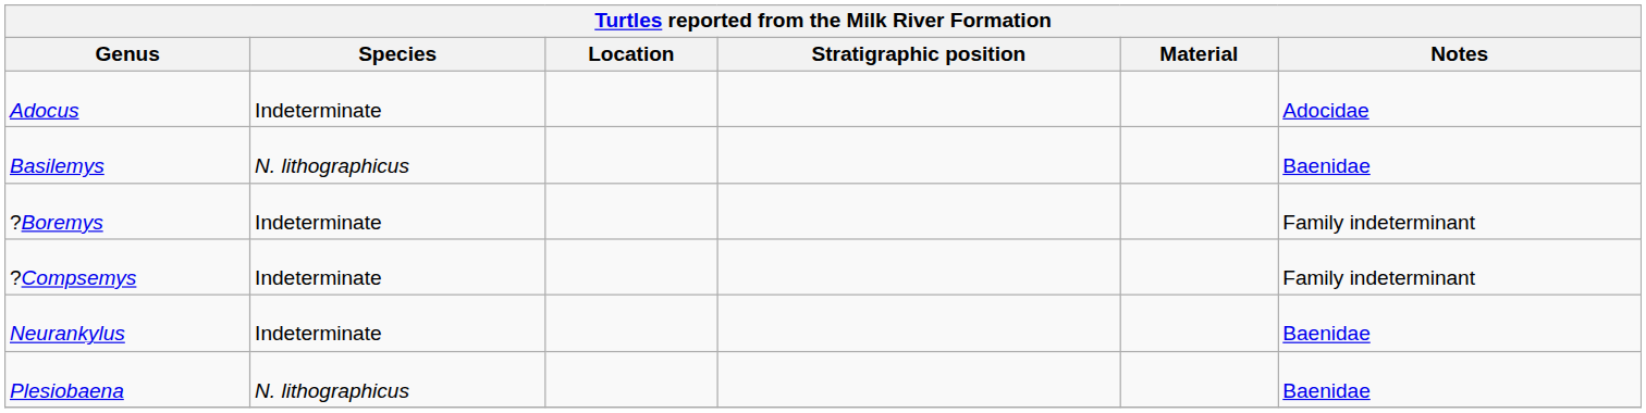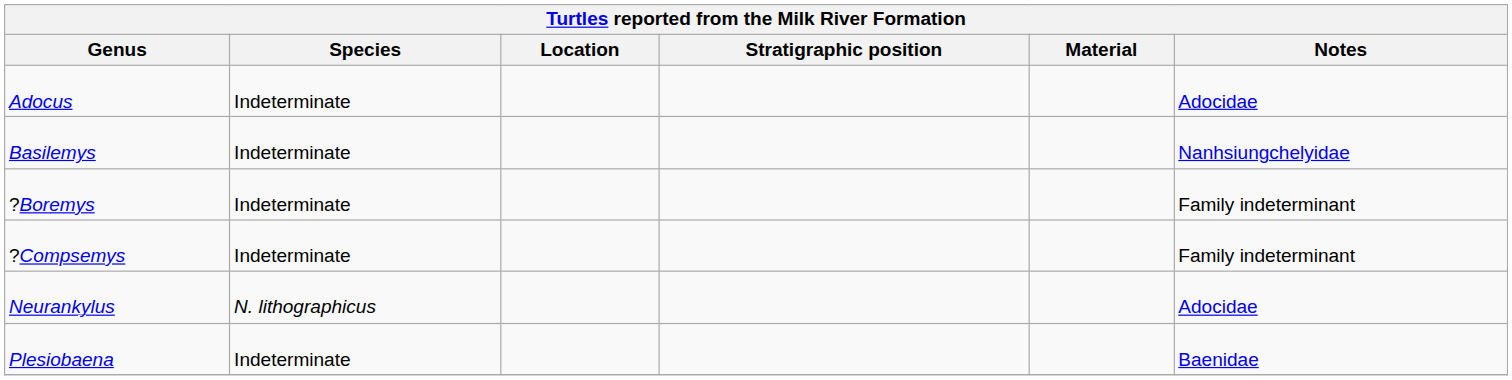 <table class="wikitable" align="center" width="100%">
 <tr>
 <th colspan="7" align="center"><strong><a href='#'>Turtles</a> reported from the Milk River Formation</strong></th>
 </tr>
 <tr>
 <th>Genus</th>
 <th>Species</th>
 <th>Location</th>
 <th>Stratigraphic position</th>
 <th>Material</th>
 <th>Notes<br></th>
 </tr>
 <tr>
 <td><br><em><a href='#'>Adocus</a></em></td>
 <td><br>Indeterminate</td>
 <td></td>
 <td></td>
 <td></td>
 <td><br><a href='#'>Adocidae</a> </td>
 </tr>
 <tr>
 <td><br><em><a href='#'>Basilemys</a></em></td>
-<td><br><em>N. lithographicus</em></td>
+<td><br>Indeterminate</td>
 <td></td>
 <td></td>
 <td></td>
-<td><br><a href='#'>Baenidae</a></td>
+<td><br><a href='#'>Nanhsiungchelyidae</a></td>
 </tr>
 <tr>
 <td><br>?<em><a href='#'>Boremys</a></em></td>
 <td><br>Indeterminate</td>
 <td></td>
 <td></td>
 <td></td>
 <td><br>Family indeterminant</td>
 </tr>
 <tr>
 <td><br>?<em><a href='#'>Compsemys</a></em></td>
 <td><br>Indeterminate</td>
 <td></td>
 <td></td>
 <td></td>
 <td><br>Family indeterminant</td>
 </tr>
 <tr>
 <td><br><em><a href='#'>Neurankylus</a></em></td>
-<td><br>Indeterminate</td>
+<td><br><em>N. lithographicus</em></td>
 <td></td>
 <td></td>
 <td></td>
-<td><br><a href='#'>Baenidae</a></td>
+<td><br><a href='#'>Adocidae</a> </td>
 </tr>
 <tr>
 <td><br><em><a href='#'>Plesiobaena</a></em></td>
-<td><br><em>N. lithographicus</em></td>
+<td><br>Indeterminate</td>
 <td></td>
 <td></td>
 <td></td>
 <td><br><a href='#'>Baenidae</a></td>
 </tr>
 <tr>
 </tr>
 </table>
